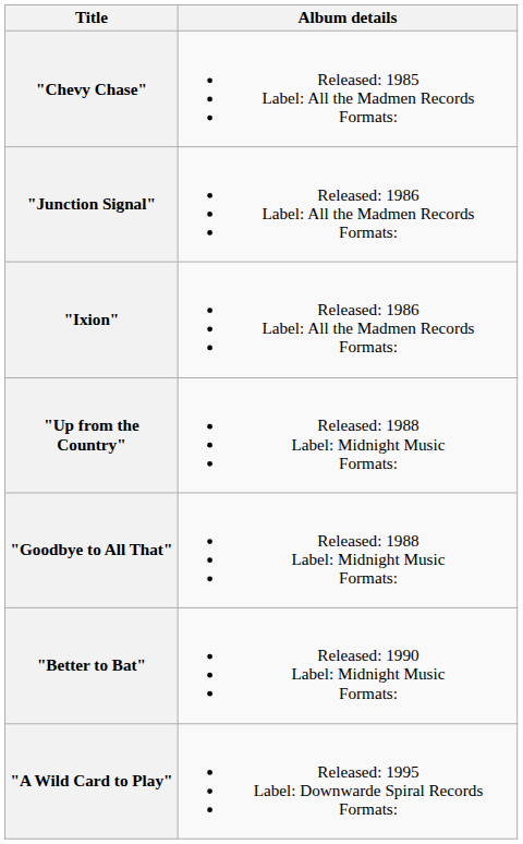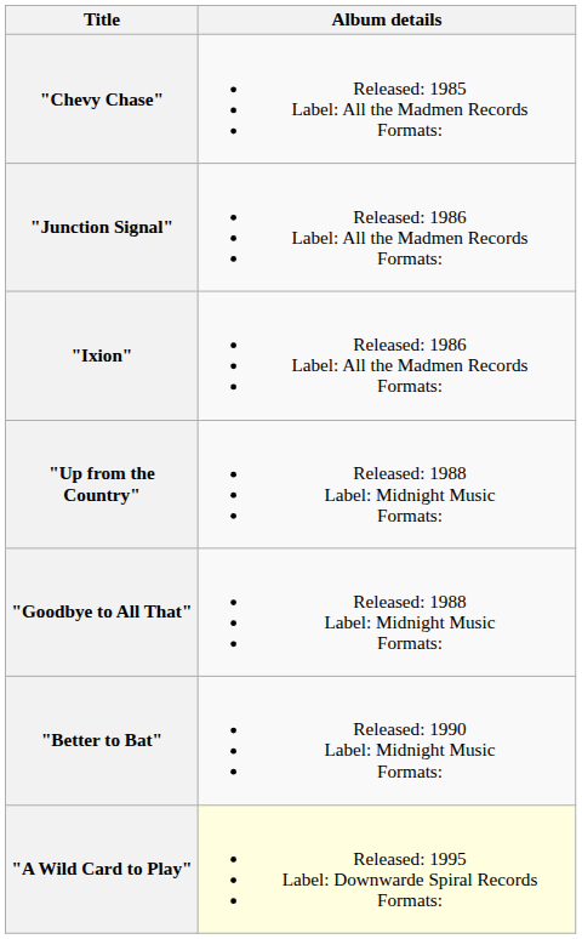 <table class="wikitable plainrowheaders" style="text-align:center;">
 <tr>
 <th scope="col" rowspan="1" style="width:10em;">Title</th>
 <th scope="col" rowspan="1" style="width:20em;">Album details</th>
 </tr>
 <tr>
 <th scope="row">"Chevy Chase"</th>
 <td><br><ul><li>Released: 1985</li><li>Label: All the Madmen Records</li><li>Formats:</li></ul></td>
 </tr>
 <tr>
 <th scope="row">"Junction Signal"</th>
 <td><br><ul><li>Released: 1986</li><li>Label: All the Madmen Records</li><li>Formats:</li></ul></td>
 </tr>
 <tr>
 <th Scope="row">"Ixion"</th>
 <td><br><ul><li>Released: 1986</li><li>Label: All the Madmen Records</li><li>Formats:</li></ul></td>
 </tr>
 <tr>
 <th scope="row">"Up from the Country"</th>
 <td><br><ul><li>Released: 1988</li><li>Label: Midnight Music</li><li>Formats:</li></ul></td>
 </tr>
 <tr>
 <th scope="row">"Goodbye to All That"</th>
 <td><br><ul><li>Released: 1988</li><li>Label: Midnight Music</li><li>Formats:</li></ul></td>
 </tr>
 <tr>
 <th scope="row">"Better to Bat"</th>
 <td><br><ul><li>Released: 1990</li><li>Label: Midnight Music</li><li>Formats:</li></ul></td>
 </tr>
 <tr>
 <th scope="row">"A Wild Card to Play"</th>
-<td><br><ul><li>Released: 1995</li><li>Label: Downwarde Spiral Records</li><li>Formats:</li></ul></td>
+<td style="background: lightyellow;"><br><ul><li>Released: 1995</li><li>Label: Downwarde Spiral Records</li><li>Formats:</li></ul></td>
 </tr>
 </table>
